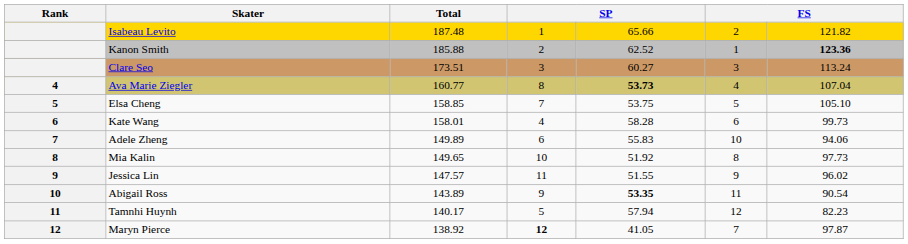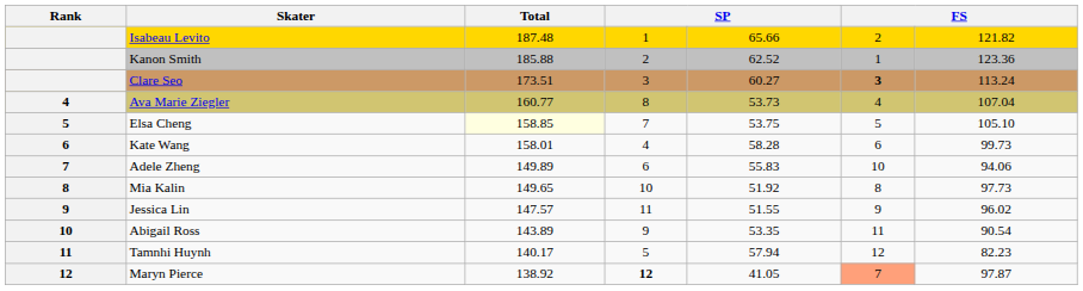 <table class="wikitable sortable" style="text-align:left; width:80%">
 <tr>
 <th scope="col">Rank</th>
 <th scope="col">Skater</th>
 <th scope="col">Total</th>
 <th scope="col" colspan="2" width="80px"><a href='#'>SP</a></th>
 <th scope="col" colspan="2" width="80px"><a href='#'>FS</a></th>
 </tr>
 <tr bgcolor="gold">
 <th scope="row"></th>
 <td><a href='#'>Isabeau Levito</a></td>
 <td align="center">187.48</td>
 <td align="center">1</td>
 <td align="center">65.66</td>
 <td align="center">2</td>
 <td align="center">121.82</td>
 </tr>
 <tr bgcolor="silver">
 <th scope="row"></th>
 <td>Kanon Smith</td>
 <td align="center">185.88</td>
 <td align="center">2</td>
 <td align="center">62.52</td>
 <td align="center">1</td>
-<td align="center"><strong>123.36</strong></td>
+<td align="center">123.36</td>
 </tr>
 <tr bgcolor="cc9966">
 <th scope="row"></th>
 <td><a href='#'>Clare Seo</a></td>
 <td align="center">173.51</td>
 <td align="center">3</td>
 <td align="center">60.27</td>
-<td align="center">3</td>
+<td align="center"><strong>3</strong></td>
 <td align="center">113.24</td>
 </tr>
 <tr bgcolor="#d1c571">
 <th scope="row">4</th>
 <td><a href='#'>Ava Marie Ziegler</a></td>
 <td align="center">160.77</td>
 <td align="center">8</td>
-<td align="center"><strong>53.73</strong></td>
+<td align="center">53.73</td>
 <td align="center">4</td>
 <td align="center">107.04</td>
 </tr>
 <tr>
 <th scope="row">5</th>
 <td>Elsa Cheng</td>
-<td align="center">158.85</td>
+<td align="center" style="background: lightyellow;">158.85</td>
 <td align="center">7</td>
 <td align="center">53.75</td>
 <td align="center">5</td>
 <td align="center">105.10</td>
 </tr>
 <tr>
 <th scope="row">6</th>
 <td>Kate Wang</td>
 <td align="center">158.01</td>
 <td align="center">4</td>
 <td align="center">58.28</td>
 <td align="center">6</td>
 <td align="center">99.73</td>
 </tr>
 <tr>
 <th scope="row">7</th>
 <td>Adele Zheng</td>
 <td align="center">149.89</td>
 <td align="center">6</td>
 <td align="center">55.83</td>
 <td align="center">10</td>
 <td align="center">94.06</td>
 </tr>
 <tr>
 <th scope="row">8</th>
 <td>Mia Kalin</td>
 <td align="center">149.65</td>
 <td align="center">10</td>
 <td align="center">51.92</td>
 <td align="center">8</td>
 <td align="center">97.73</td>
 </tr>
 <tr>
 <th scope="row">9</th>
 <td>Jessica Lin</td>
 <td align="center">147.57</td>
 <td align="center">11</td>
 <td align="center">51.55</td>
 <td align="center">9</td>
 <td align="center">96.02</td>
 </tr>
 <tr>
 <th scope="row">10</th>
 <td>Abigail Ross</td>
 <td align="center">143.89</td>
 <td align="center">9</td>
-<td align="center"><strong>53.35</strong></td>
+<td align="center">53.35</td>
 <td align="center">11</td>
 <td align="center">90.54</td>
 </tr>
 <tr>
 <th scope="row">11</th>
 <td>Tamnhi Huynh</td>
 <td align="center">140.17</td>
 <td align="center">5</td>
 <td align="center">57.94</td>
 <td align="center">12</td>
 <td align="center">82.23</td>
 </tr>
 <tr>
 <th scope="row">12</th>
 <td>Maryn Pierce</td>
 <td align="center">138.92</td>
 <td align="center"><strong>12</strong></td>
 <td align="center">41.05</td>
-<td align="center">7</td>
+<td align="center" style="background: lightsalmon;">7</td>
 <td align="center">97.87</td>
 </tr>
 </table>
